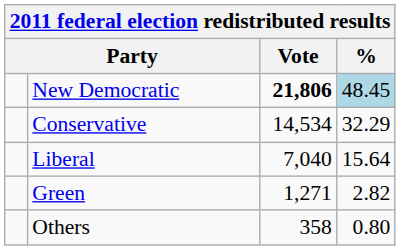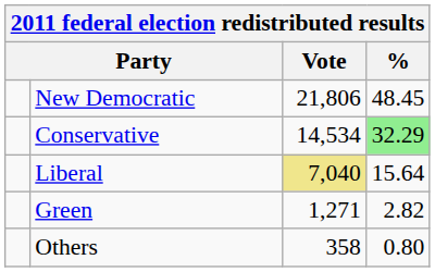 <table class="wikitable">
 <tr>
 <th colspan="4"><a href='#'>2011 federal election</a> redistributed results</th>
 </tr>
 <tr>
 <th bgcolor="#DDDDFF" width="130px" colspan="2">Party</th>
 <th bgcolor="#DDDDFF" width="50px">Vote</th>
 <th bgcolor="#DDDDFF" width="30px">%</th>
 </tr>
 <tr>
 <td> </td>
 <td><a href='#'>New Democratic</a></td>
-<td align=right><strong>21,806</strong></td>
-<td align=right style="background: lightblue;">48.45</td>
+<td align=right>21,806</td>
+<td align=right>48.45</td>
 </tr>
 <tr>
 <td> </td>
 <td><a href='#'>Conservative</a></td>
 <td align=right>14,534</td>
-<td align=right>32.29</td>
+<td align=right style="background: lightgreen;">32.29</td>
 </tr>
 <tr>
 <td> </td>
 <td><a href='#'>Liberal</a></td>
-<td align=right>7,040</td>
+<td align=right style="background: khaki;">7,040</td>
 <td align=right>15.64</td>
 </tr>
 <tr>
 <td> </td>
 <td><a href='#'>Green</a></td>
 <td align=right>1,271</td>
 <td align=right>2.82</td>
 </tr>
 <tr>
 <td> </td>
 <td>Others</td>
 <td align=right>358</td>
 <td align=right>0.80</td>
 </tr>
 </table>
